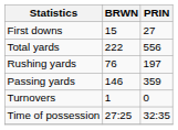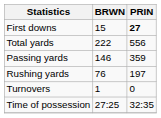 <table class="wikitable">
 <tr>
 <th>Statistics</th>
 <th>BRWN</th>
 <th>PRIN</th>
 </tr>
 <tr>
 <td>First downs</td>
 <td>15</td>
-<td>27</td>
+<td><strong>27</strong></td>
 </tr>
 <tr>
 <td>Total yards</td>
 <td>222</td>
 <td>556</td>
 </tr>
 <tr>
+<td>Passing yards</td>
+<td>146</td>
+<td>359</td>
+</tr>
+<tr>
 <td>Rushing yards</td>
 <td>76</td>
 <td>197</td>
-</tr>
-<tr>
-<td>Passing yards</td>
-<td>146</td>
-<td>359</td>
 </tr>
 <tr>
 <td>Turnovers</td>
 <td>1</td>
 <td>0</td>
 </tr>
 <tr>
 <td>Time of possession</td>
 <td>27:25</td>
 <td>32:35</td>
 </tr>
 <tr>
 </tr>
 </table>
